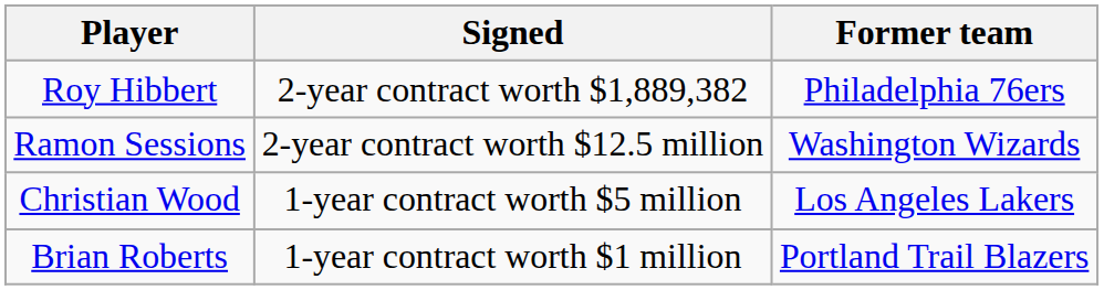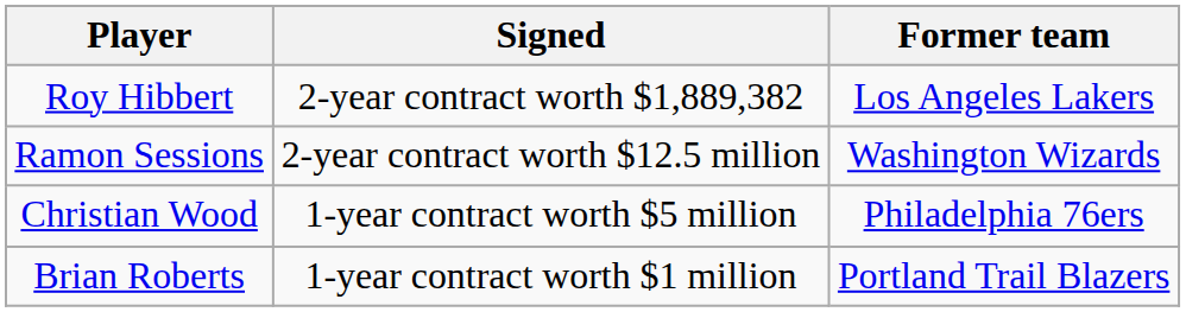 <table class="wikitable sortable sortable" style="text-align: center">
 <tr>
 <th>Player</th>
 <th>Signed</th>
 <th>Former team</th>
 </tr>
 <tr style="text-align: center">
 <td><a href='#'>Roy Hibbert</a></td>
 <td>2-year contract worth $1,889,382</td>
-<td><a href='#'>Philadelphia 76ers</a></td>
+<td><a href='#'>Los Angeles Lakers</a></td>
 </tr>
 <tr style="text-align: center">
 <td><a href='#'>Ramon Sessions</a></td>
 <td>2-year contract worth $12.5 million</td>
 <td><a href='#'>Washington Wizards</a></td>
 </tr>
 <tr style="text-align: center">
 <td><a href='#'>Christian Wood</a></td>
 <td>1-year contract worth $5 million</td>
-<td><a href='#'>Los Angeles Lakers</a></td>
+<td><a href='#'>Philadelphia 76ers</a></td>
 </tr>
 <tr style="text-align: center">
 <td><a href='#'>Brian Roberts</a></td>
 <td>1-year contract worth $1 million</td>
 <td><a href='#'>Portland Trail Blazers</a></td>
 </tr>
 </table>
